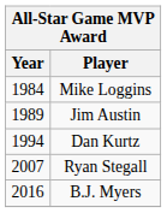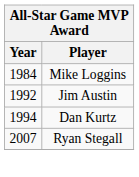 <table class="wikitable" style="display: inline-table; margin-right: 20px; text-align:center">
 <tr>
 <th scope="col" colspan="2" style="width: 145px;">All-Star Game MVP Award</th>
 </tr>
 <tr>
 <th scope="col">Year</th>
 <th scope="col">Player</th>
 </tr>
 <tr>
 <td>1984</td>
 <td>Mike Loggins</td>
 </tr>
 <tr>
-<td>1989</td>
+<td>1992</td>
 <td>Jim Austin</td>
 </tr>
 <tr>
 <td>1994</td>
 <td>Dan Kurtz</td>
 </tr>
 <tr>
 <td>2007</td>
 <td>Ryan Stegall</td>
 </tr>
 <tr>
-<td>2016</td>
-<td>B.J. Myers</td>
-</tr>
-<tr>
 </tr>
 </table>
